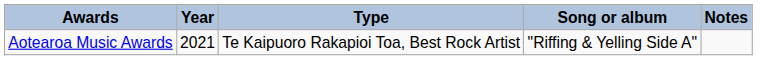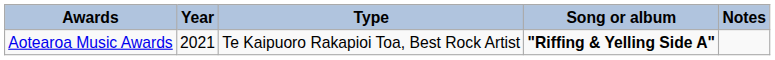 <table class="wikitable" style="font-size:90%">
 <tr style="text-align:center;">
 <th style="background:#B0C4DE;">Awards</th>
 <th style="background:#B0C4DE;">Year</th>
 <th style="background:#B0C4DE;">Type</th>
 <th style="background:#B0C4DE;">Song or album</th>
 <th style="background:#B0C4DE;">Notes</th>
 </tr>
 <tr>
 <td rowspan=3><a href='#'>Aotearoa Music Awards</a></td>
 <td rowspan=3>2021</td>
 <td>Te Kaipuoro Rakapioi Toa, Best Rock Artist</td>
-<td>"Riffing & Yelling Side A"</td>
+<td><strong>"Riffing & Yelling Side A"</strong></td>
 <td></td>
 </tr>
 </table>
